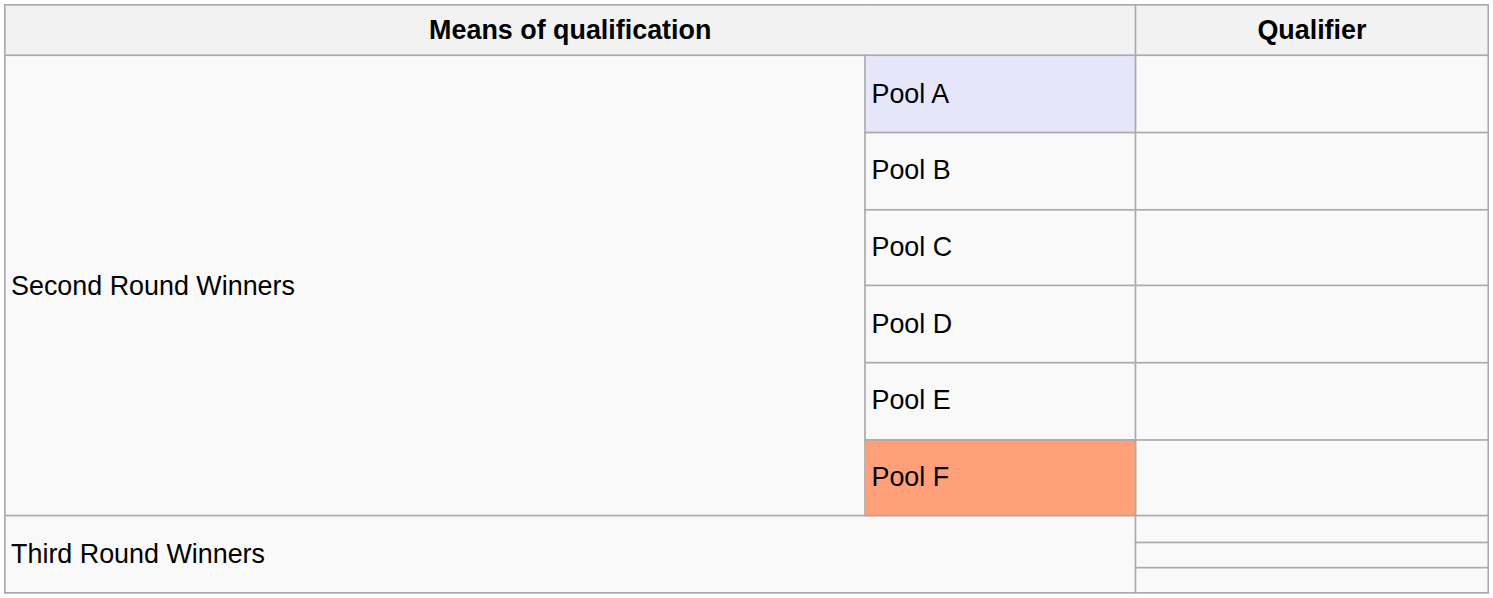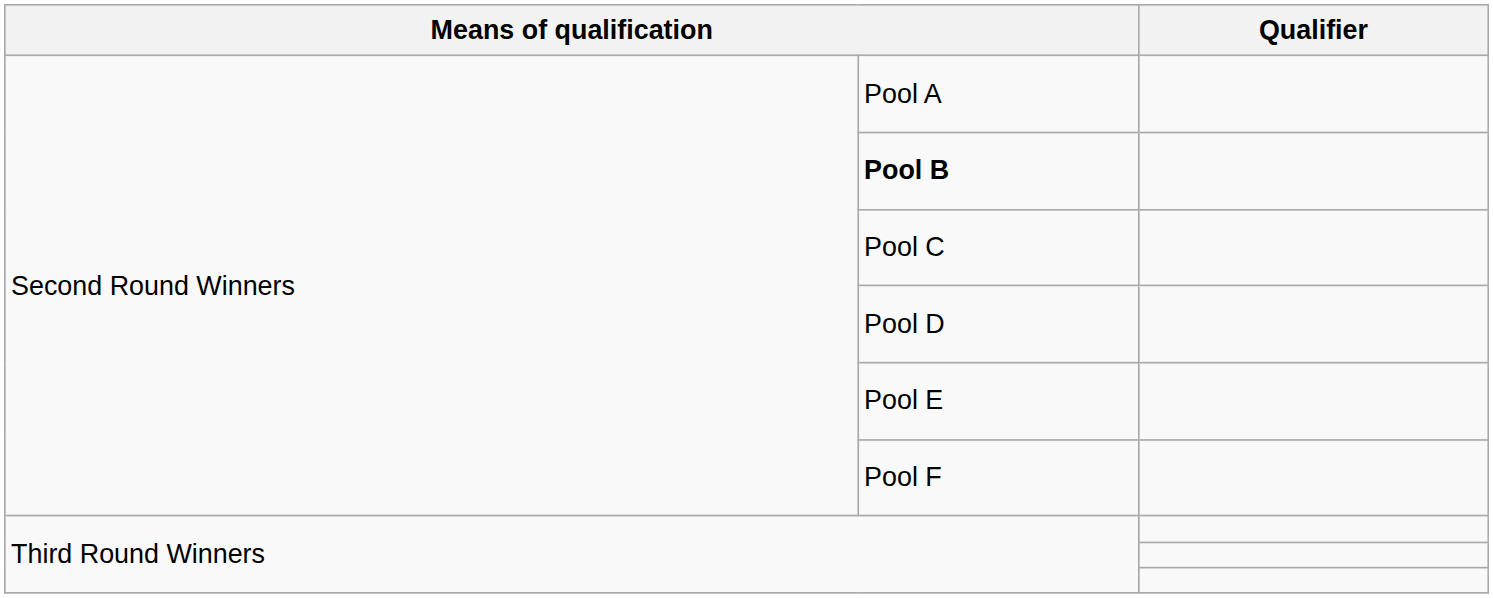 <table class="wikitable" style="height: 351px; margin:0; width:100%; white-space:nowrap;">
 <tr>
 <th style="height:23px;" colspan=2>Means of qualification</th>
 <th>Qualifier</th>
 </tr>
 <tr>
 <td rowspan=6>Second Round Winners</td>
-<td style="background: lavender;">Pool A</td>
+<td>Pool A</td>
 <td></td>
 </tr>
 <tr>
-<td>Pool B</td>
+<td><strong>Pool B</strong></td>
 <td></td>
 </tr>
 <tr>
 <td>Pool C</td>
 <td></td>
 </tr>
 <tr>
 <td>Pool D</td>
 <td></td>
 </tr>
 <tr>
 <td>Pool E</td>
 <td></td>
 </tr>
 <tr>
-<td style="background: lightsalmon;">Pool F</td>
+<td>Pool F</td>
 <td></td>
 </tr>
 <tr>
 <td rowspan=3 colspan=2>Third Round Winners</td>
 <td></td>
 </tr>
 <tr>
 <td></td>
 </tr>
 <tr>
 <td></td>
 </tr>
 </table>
